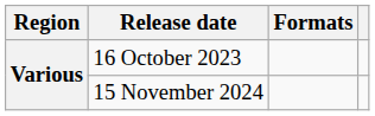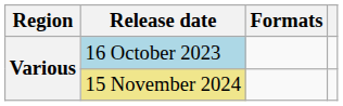 <table class="wikitable plainrowheaders">
 <tr>
 <th scope="col">Region</th>
 <th scope="col">Release date</th>
 <th scope="col">Formats</th>
 <th scope="col"></th>
 </tr>
 <tr>
 <th rowspan="2" scope="row">Various</th>
-<td>16 October 2023</td>
+<td style="background: lightblue;">16 October 2023</td>
 <td></td>
 <td style="text-align:center;"></td>
 </tr>
 <tr>
-<td>15 November 2024</td>
+<td style="background: khaki;">15 November 2024</td>
 <td></td>
 <td style="text-align:center;"></td>
 </tr>
 </table>
